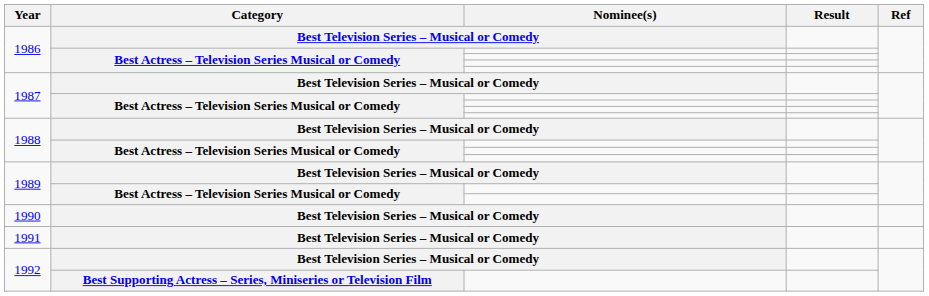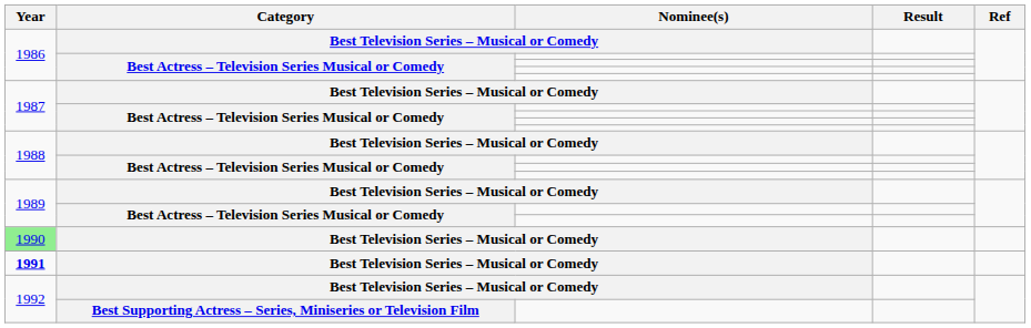 <table class="wikitable plainrowheaders" style="font-size: 90%; text-align:center" width=80%>
 <tr>
 <th scope="col" width="5%">Year</th>
 <th scope="col" width="45%">Category</th>
 <th scope="col" width="35%">Nominee(s)</th>
 <th scope="col" width="10%">Result</th>
 <th scope="col" width="5%">Ref</th>
 </tr>
 <tr>
 <td align=center rowspan="5"><a href='#'>1986</a></td>
 <th scope="row" style="text-align:center" colspan="2"><a href='#'>Best Television Series – Musical or Comedy</a></th>
 <td></td>
 <td align=center rowspan="5"></td>
 </tr>
 <tr>
 <th scope="row" style="text-align:center" rowspan="4"><a href='#'>Best Actress – Television Series Musical or Comedy</a></th>
 <td></td>
 <td></td>
 </tr>
 <tr>
 <td></td>
 <td></td>
 </tr>
 <tr>
 <td></td>
 <td></td>
 </tr>
 <tr>
 <td></td>
 <td></td>
 </tr>
 <tr>
 <td align=center rowspan="5"><a href='#'>1987</a></td>
 <th scope="row" style="text-align:center" colspan="2">Best Television Series – Musical or Comedy</th>
 <td></td>
 <td align=center rowspan="5"></td>
 </tr>
 <tr>
 <th scope="row" style="text-align:center" rowspan="4">Best Actress – Television Series Musical or Comedy</th>
 <td></td>
 <td></td>
 </tr>
 <tr>
 <td></td>
 <td></td>
 </tr>
 <tr>
 <td></td>
 <td></td>
 </tr>
 <tr>
 <td></td>
 <td></td>
 </tr>
 <tr>
 <td align=center rowspan="4"><a href='#'>1988</a></td>
 <th scope="row" style="text-align:center" colspan="2">Best Television Series – Musical or Comedy</th>
 <td></td>
 <td align=center rowspan="4"></td>
 </tr>
 <tr>
 <th scope="row" style="text-align:center" rowspan="3">Best Actress – Television Series Musical or Comedy</th>
 <td></td>
 <td></td>
 </tr>
 <tr>
 <td></td>
 <td></td>
 </tr>
 <tr>
 <td></td>
 <td></td>
 </tr>
 <tr>
 <td align=center rowspan="3"><a href='#'>1989</a></td>
 <th scope="row" style="text-align:center" colspan="2">Best Television Series – Musical or Comedy</th>
 <td></td>
 <td align=center rowspan="3"></td>
 </tr>
 <tr>
 <th scope="row" style="text-align:center" rowspan="2">Best Actress – Television Series Musical or Comedy</th>
 <td></td>
 <td></td>
 </tr>
 <tr>
 <td></td>
 <td></td>
 </tr>
 <tr>
-<td align=center><a href='#'>1990</a></td>
+<td align=center style="background: lightgreen;"><a href='#'>1990</a></td>
 <th scope="row" style="text-align:center" colspan="2">Best Television Series – Musical or Comedy</th>
 <td></td>
 <td align=center></td>
 </tr>
 <tr>
-<td align=center><a href='#'>1991</a></td>
+<td align=center><strong><a href='#'>1991</a></strong></td>
 <th scope="row" style="text-align:center" colspan="2">Best Television Series – Musical or Comedy</th>
 <td></td>
 <td align=center></td>
 </tr>
 <tr>
 <td align=center rowspan="2"><a href='#'>1992</a></td>
 <th scope="row" style="text-align:center" colspan="2">Best Television Series – Musical or Comedy</th>
 <td></td>
 <td align=center rowspan="2"></td>
 </tr>
 <tr>
 <th scope="row" style="text-align:center"><a href='#'>Best Supporting Actress – Series, Miniseries or Television Film</a></th>
 <td></td>
 <td></td>
 </tr>
 </table>
